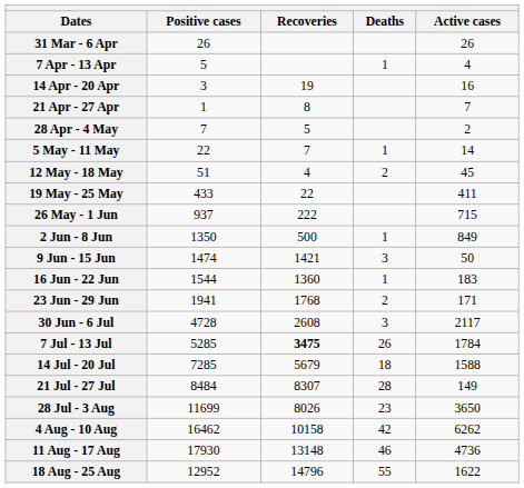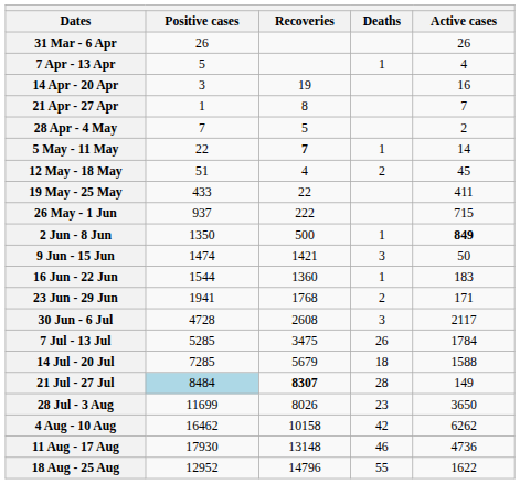 <table class="wikitable plainrowheaders sortable mw-collapsible" style="text-align:center; font-size:95%; width:600px; clear:right; margin:0px 0px 0.5em 1em">
 <tr>
 <th colspan="7"></th>
 </tr>
 <tr>
 <th scope="col">Dates</th>
 <th scope="col">Positive cases</th>
 <th scope="col">Recoveries</th>
 <th scope="col">Deaths</th>
 <th scope="col">Active cases</th>
 </tr>
 <tr>
 <th scope="row">31 Mar - 6 Apr</th>
 <td>26</td>
 <td></td>
 <td></td>
 <td>26</td>
 </tr>
 <tr>
 <th scope="row">7 Apr - 13 Apr</th>
 <td>5</td>
 <td></td>
 <td>1</td>
 <td>4</td>
 </tr>
 <tr>
 <th scope="row">14 Apr - 20 Apr</th>
 <td>3</td>
 <td>19</td>
 <td></td>
 <td>16</td>
 </tr>
 <tr>
 <th scope="row">21 Apr - 27 Apr</th>
 <td>1</td>
 <td>8</td>
 <td></td>
 <td>7</td>
 </tr>
 <tr>
 <th scope="row">28 Apr - 4 May</th>
 <td>7</td>
 <td>5</td>
 <td></td>
 <td>2</td>
 </tr>
 <tr>
 <th scope="row">5 May - 11 May</th>
 <td>22</td>
-<td>7</td>
+<td><strong>7</strong></td>
 <td>1</td>
 <td>14</td>
 </tr>
 <tr>
 <th scope="row">12 May - 18 May</th>
 <td>51</td>
 <td>4</td>
 <td>2</td>
 <td>45</td>
 </tr>
 <tr>
 <th scope="row">19 May - 25 May</th>
 <td>433</td>
 <td>22</td>
 <td></td>
 <td>411</td>
 </tr>
 <tr>
 <th scope="row">26 May - 1 Jun</th>
 <td>937</td>
 <td>222</td>
 <td></td>
 <td>715</td>
 </tr>
 <tr>
 <th scope="row">2 Jun - 8 Jun</th>
 <td>1350</td>
 <td>500</td>
 <td>1</td>
-<td>849</td>
+<td><strong>849</strong></td>
 </tr>
 <tr>
 <th scope="row">9 Jun - 15 Jun</th>
 <td>1474</td>
 <td>1421</td>
 <td>3</td>
 <td>50</td>
 </tr>
 <tr>
 <th scope="row">16 Jun - 22 Jun</th>
 <td>1544</td>
 <td>1360</td>
 <td>1</td>
 <td>183</td>
 </tr>
 <tr>
 <th scope="row">23 Jun - 29 Jun</th>
 <td>1941</td>
 <td>1768</td>
 <td>2</td>
 <td>171</td>
 </tr>
 <tr>
 <th scope="row">30 Jun - 6 Jul</th>
 <td>4728</td>
 <td>2608</td>
 <td>3</td>
 <td>2117</td>
 </tr>
 <tr>
 <th scope="row">7 Jul - 13 Jul</th>
 <td>5285</td>
-<td><strong>3475</strong></td>
+<td>3475</td>
 <td>26</td>
 <td>1784</td>
 </tr>
 <tr>
 <th scope="row">14 Jul - 20 Jul</th>
 <td>7285</td>
 <td>5679</td>
 <td>18</td>
 <td>1588</td>
 </tr>
 <tr>
 <th scope="row">21 Jul - 27 Jul</th>
-<td>8484</td>
-<td>8307</td>
+<td style="background: lightblue;">8484</td>
+<td><strong>8307</strong></td>
 <td>28</td>
 <td>149</td>
 </tr>
 <tr>
 <th scope="row">28 Jul - 3 Aug</th>
 <td>11699</td>
 <td>8026</td>
 <td>23</td>
 <td>3650</td>
 </tr>
 <tr>
 <th scope="row">4 Aug - 10 Aug</th>
 <td>16462</td>
 <td>10158</td>
 <td>42</td>
 <td>6262</td>
 </tr>
 <tr>
 <th scope="row">11 Aug - 17 Aug</th>
 <td>17930</td>
 <td>13148</td>
 <td>46</td>
 <td>4736</td>
 </tr>
 <tr>
 <th scope="row">18 Aug - 25 Aug</th>
 <td>12952</td>
 <td>14796</td>
 <td>55</td>
 <td>1622</td>
 </tr>
 </table>
